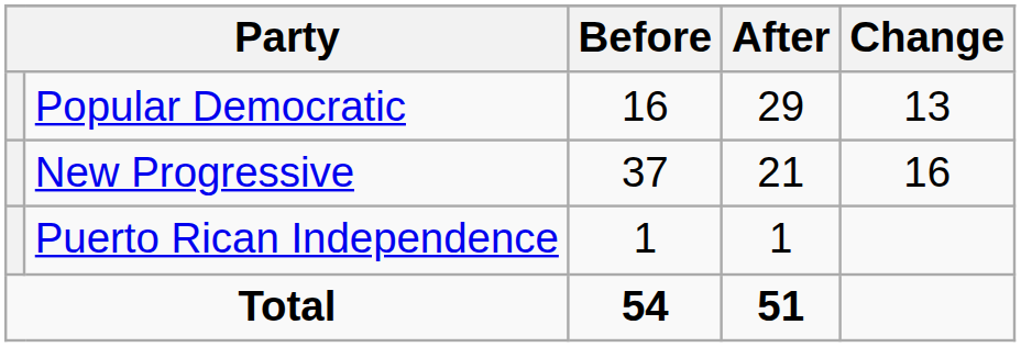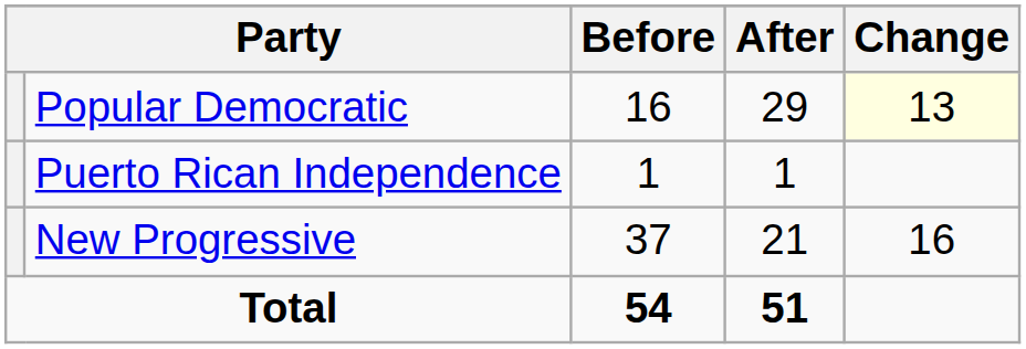 <table class="wikitable" style="text-align:center;">
 <tr>
 </tr>
 <tr>
 <th colspan=2>Party</th>
 <th>Before</th>
 <th>After</th>
 <th>Change</th>
 </tr>
 <tr>
 <th style="background-color:"></th>
 <td style="text-align:left;"><a href='#'>Popular Democratic</a></td>
 <td>16</td>
 <td>29</td>
-<td> 13</td>
+<td style="background: lightyellow;"> 13</td>
+</tr>
+<tr>
+<th style="background-color:"></th>
+<td style="text-align:left;"><a href='#'>Puerto Rican Independence</a></td>
+<td>1</td>
+<td>1</td>
+<td></td>
 </tr>
 <tr>
 <th style="background-color:"></th>
 <td style="text-align:left;"><a href='#'>New Progressive</a></td>
 <td>37</td>
 <td>21</td>
 <td> 16</td>
 </tr>
 <tr>
-<th style="background-color:"></th>
-<td style="text-align:left;"><a href='#'>Puerto Rican Independence</a></td>
-<td>1</td>
-<td>1</td>
-<td></td>
-</tr>
-<tr>
 <td colspan=2><strong>Total</strong></td>
 <td><strong>54</strong></td>
 <td><strong>51</strong></td>
 <td></td>
 </tr>
 </table>
